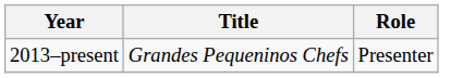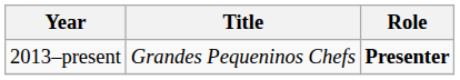 <table class="wikitable" style="font-size: 90%;">
 <tr>
 <th>Year</th>
 <th>Title</th>
 <th>Role</th>
 </tr>
 <tr>
 <td>2013–present</td>
 <td><em>Grandes Pequeninos Chefs</em></td>
-<td>Presenter</td>
+<td><strong>Presenter</strong></td>
 </tr>
 <tr>
 </tr>
 </table>
